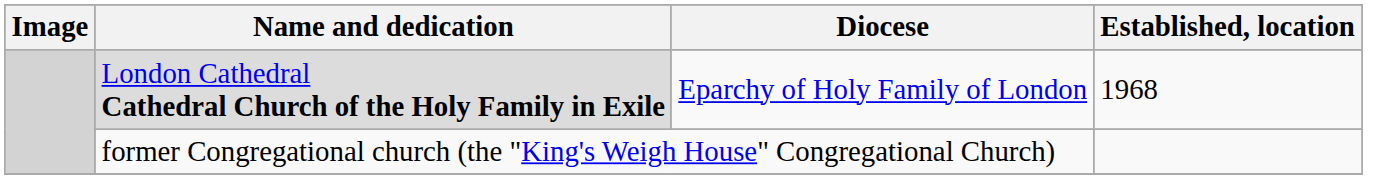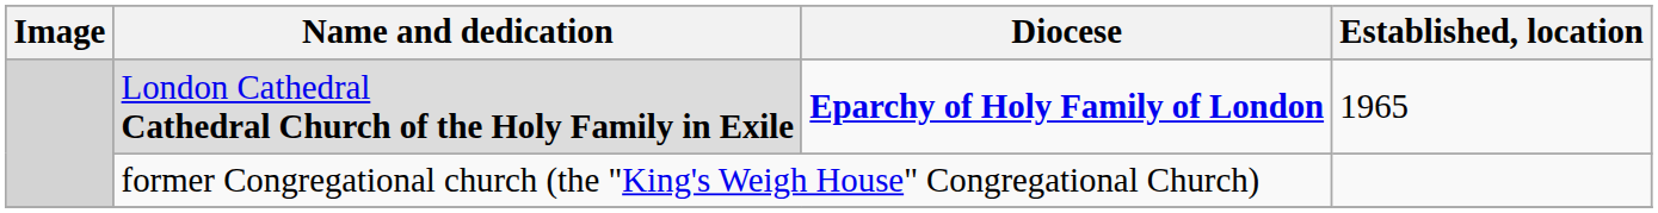 <table class="wikitable">
 <tr>
 <th>Image</th>
 <th>Name and dedication</th>
 <th>Diocese</th>
 <th>Established, location</th>
 </tr>
 <tr>
 <td rowspan="2" bgcolor="#D3D3D3" align="center"></td>
 <td bgcolor="Gainsboro"><a href='#'>London Cathedral</a><br><strong>Cathedral Church of the Holy Family in Exile</strong></td>
-<td><a href='#'>Eparchy of Holy Family of London</a></td>
-<td>1968</td>
+<td><strong><a href='#'>Eparchy of Holy Family of London</a></strong></td>
+<td>1965</td>
 </tr>
 <tr>
 <td colspan="2">former Congregational church (the "<a href='#'>King's Weigh House</a>" Congregational Church)</td>
 <td> </td>
 </tr>
 <tr>
 </tr>
 </table>
